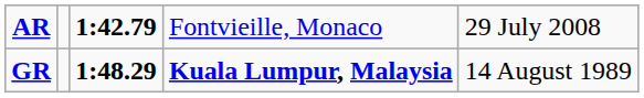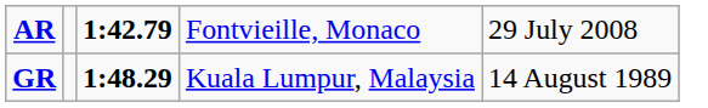 <table class="wikitable" style="font-size:95%; position:relative;">
 <tr>
 <td align=center><strong><a href='#'>AR</a></strong></td>
 <td></td>
 <td><strong>1:42.79</strong></td>
 <td><a href='#'>Fontvieille, Monaco</a></td>
 <td>29 July 2008</td>
 </tr>
 <tr>
 <td align=center><strong><a href='#'>GR</a></strong></td>
 <td></td>
 <td><strong>1:48.29</strong></td>
-<td><strong><a href='#'>Kuala Lumpur</a>, <a href='#'>Malaysia</a></strong></td>
+<td><a href='#'>Kuala Lumpur</a>, <a href='#'>Malaysia</a></td>
 <td>14 August 1989</td>
 </tr>
 </table>
